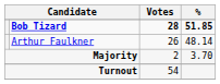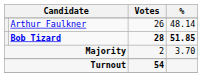 <table class="wikitable" style="font-size: 95%;">
 <tr style="background-color:#E9E9E9">
 <th colspan="2" style="width: 170px">Candidate</th>
 <th style="width: 50px">Votes</th>
 <th style="width: 40px">%</th>
 </tr>
 <tr>
 </tr>
 <tr>
 <th style="background-color: "></th>
+<td style="width: 170px"><a href='#'>Arthur Faulkner</a></td>
+<td align="right">26</td>
+<td align="right">48.14</td>
+</tr>
+<tr>
+<th style="background-color: "></th>
 <td style="width: 170px"><strong><a href='#'>Bob Tizard</a></strong></td>
 <td align="right"><strong>28</strong></td>
 <td align="right"><strong>51.85</strong></td>
-</tr>
-<tr>
-<th style="background-color: "></th>
-<td style="width: 170px"><a href='#'>Arthur Faulkner</a></td>
-<td align="right">26</td>
-<td align="right">48.14</td>
 </tr>
 <tr style="background-color:#F6F6F6">
 <td colspan="2" align="right"><strong>Majority</strong></td>
 <td align="right">2</td>
 <td align="right">3.70</td>
 </tr>
 <tr>
 </tr>
 <tr style="background-color:#F6F6F6">
 <td colspan="2" align="right"><strong>Turnout</strong></td>
-<td align="right">54</td>
+<td align="right"><strong>54</strong></td>
 <td></td>
 </tr>
 <tr>
 </tr>
 <tr style="background-color:#F6F6F6">
 </tr>
 </table>
